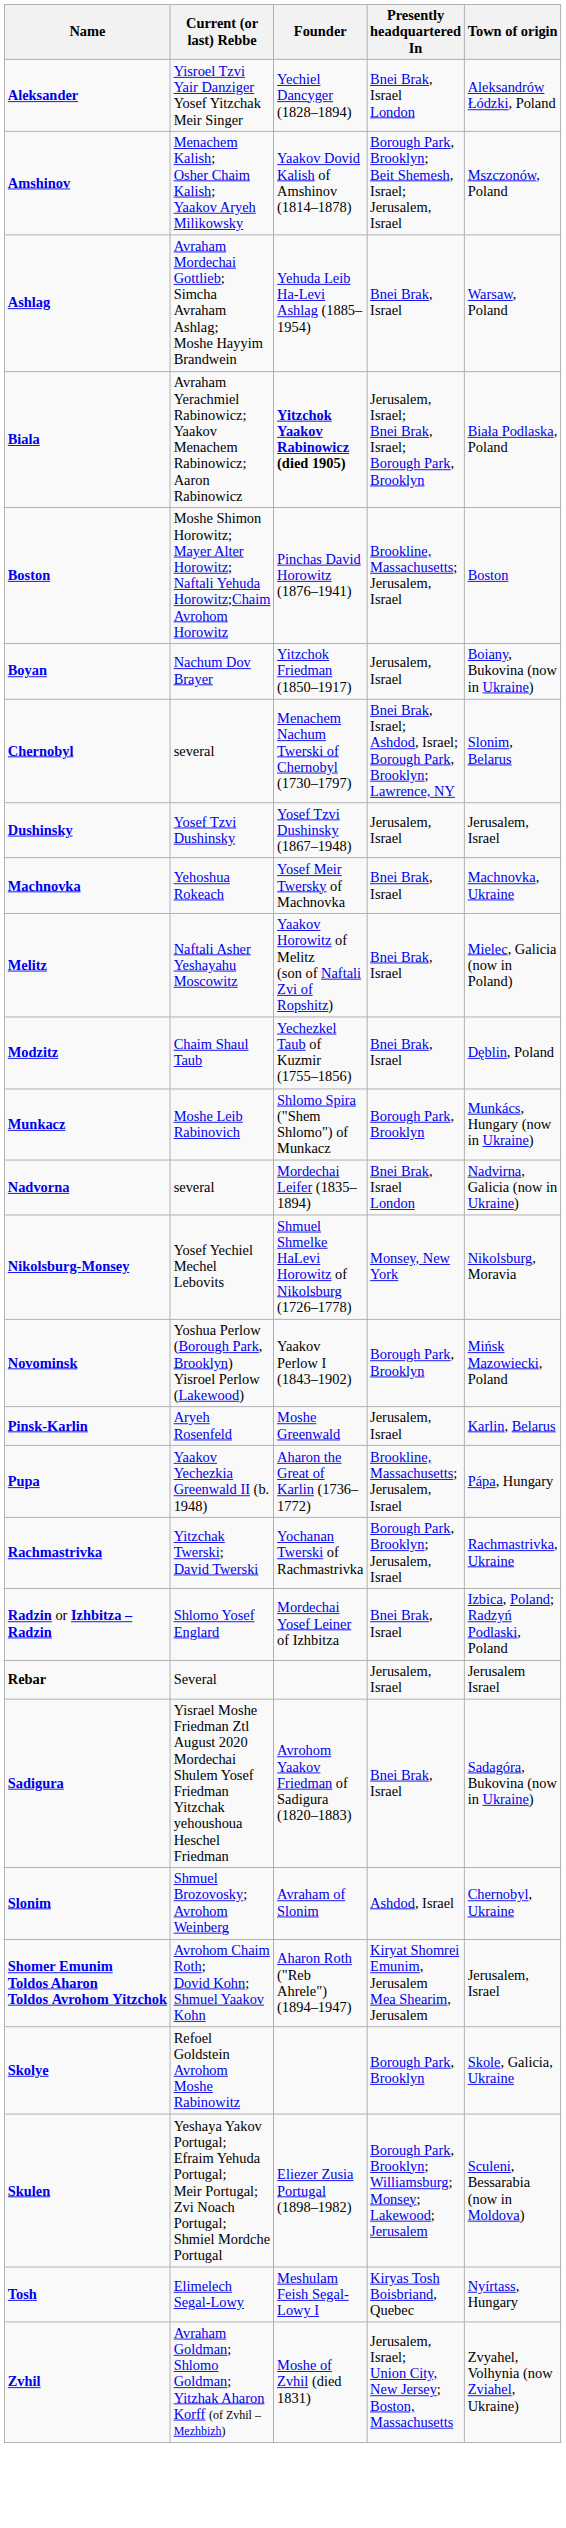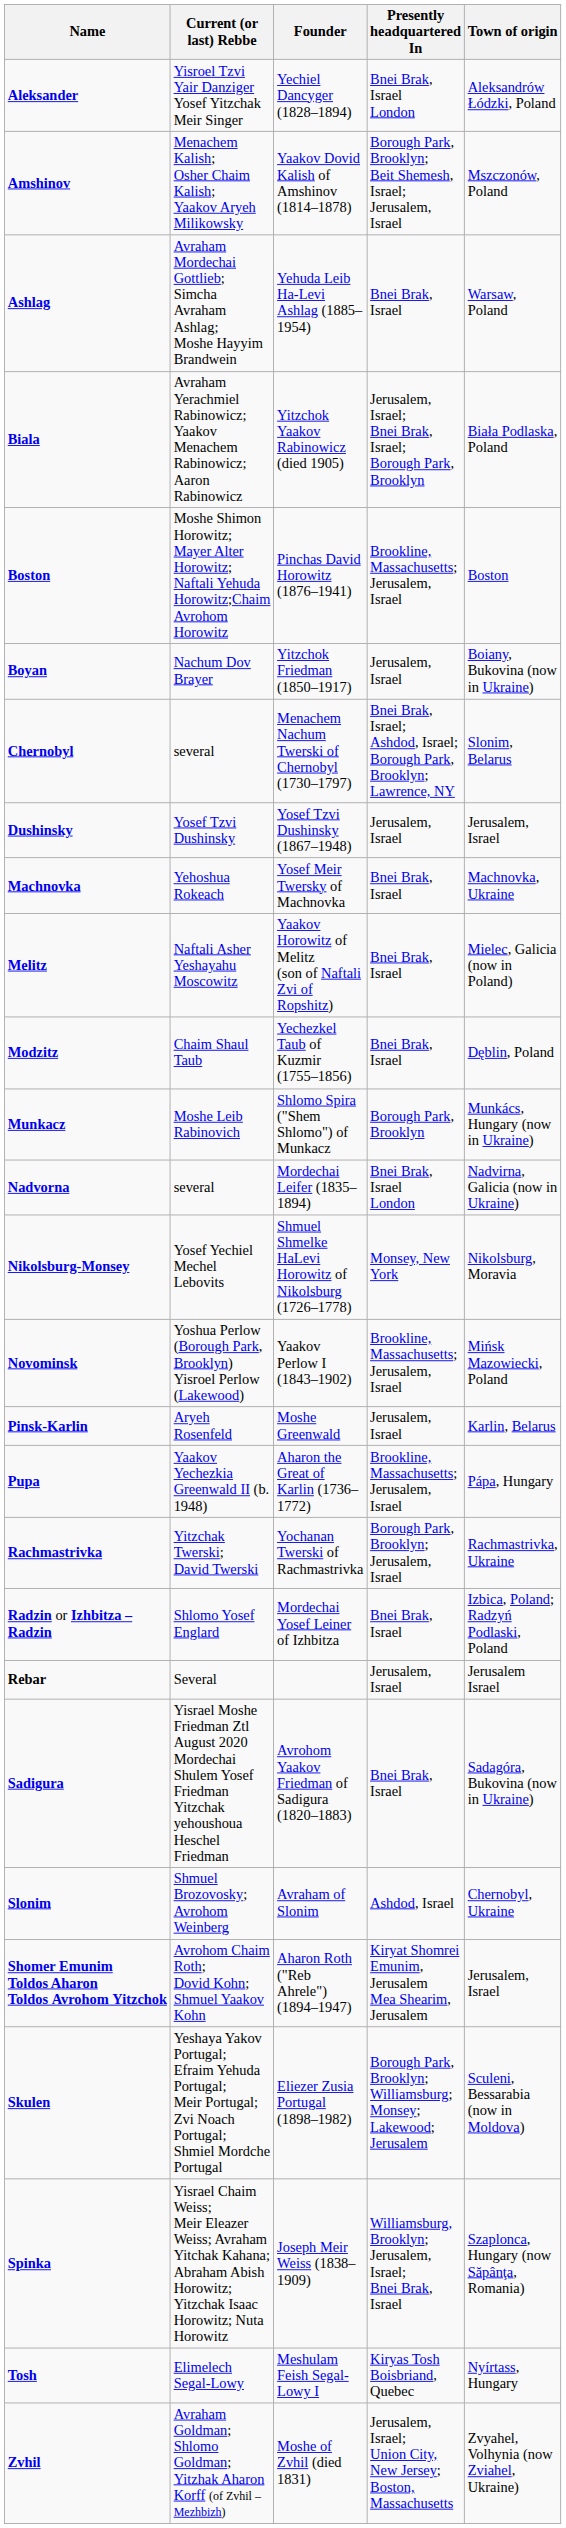 <table class="wikitable">
 <tr>
 <th>Name</th>
 <th>Current (or last) Rebbe</th>
 <th>Founder</th>
 <th>Presently headquartered In</th>
 <th>Town of origin</th>
 </tr>
 <tr>
 <td><strong><a href='#'>Aleksander</a></strong></td>
 <td><a href='#'>Yisroel Tzvi Yair Danziger</a><br>Yosef Yitzchak Meir Singer</td>
 <td><a href='#'>Yechiel Dancyger</a> (1828–1894)</td>
 <td><a href='#'>Bnei Brak</a>, Israel<br><a href='#'>London</a></td>
 <td><a href='#'>Aleksandrów Łódzki</a>, Poland</td>
 </tr>
 <tr>
 <td><strong><a href='#'>Amshinov</a></strong></td>
 <td><a href='#'>Menachem Kalish</a>;<br><a href='#'>Osher Chaim Kalish</a>;<br><a href='#'>Yaakov Aryeh Milikowsky</a></td>
 <td><a href='#'>Yaakov Dovid Kalish</a> of Amshinov (1814–1878)</td>
 <td><a href='#'>Borough Park</a>, <a href='#'>Brooklyn</a>; <br> <a href='#'>Beit Shemesh</a>, Israel; <br> Jerusalem, Israel</td>
 <td><a href='#'>Mszczonów</a>, Poland</td>
 </tr>
 <tr>
 <td><strong><a href='#'>Ashlag</a></strong></td>
 <td><a href='#'>Avraham Mordechai Gottlieb</a>;<br>Simcha Avraham Ashlag;<br>Moshe Hayyim Brandwein</td>
 <td><a href='#'>Yehuda Leib Ha-Levi Ashlag</a> (1885–1954)</td>
 <td><a href='#'>Bnei Brak</a>, Israel</td>
 <td><a href='#'>Warsaw</a>, Poland</td>
 </tr>
 <tr>
 <td><strong><a href='#'>Biala</a></strong></td>
 <td>Avraham Yerachmiel Rabinowicz;<br>Yaakov Menachem Rabinowicz;<br>Aaron Rabinowicz</td>
-<td><strong><a href='#'>Yitzchok Yaakov Rabinowicz</a> (died 1905)</strong></td>
+<td><a href='#'>Yitzchok Yaakov Rabinowicz</a> (died 1905)</td>
 <td>Jerusalem, Israel;<br><a href='#'>Bnei Brak</a>, Israel;<br><a href='#'>Borough Park</a>, <a href='#'>Brooklyn</a></td>
 <td><a href='#'>Biała Podlaska</a>, Poland</td>
 </tr>
 <tr>
 <td><strong><a href='#'>Boston</a></strong></td>
 <td>Moshe Shimon Horowitz;<br><a href='#'>Mayer Alter Horowitz</a>;<br><a href='#'>Naftali Yehuda Horowitz</a>;<a href='#'>Chaim Avrohom Horowitz</a></td>
 <td><a href='#'>Pinchas David Horowitz</a> (1876–1941)</td>
 <td><a href='#'>Brookline, Massachusetts</a>;<br>Jerusalem, Israel</td>
 <td><a href='#'>Boston</a></td>
 </tr>
 <tr>
 <td><strong><a href='#'>Boyan</a></strong></td>
 <td><a href='#'>Nachum Dov Brayer</a></td>
 <td><a href='#'>Yitzchok Friedman</a> (1850–1917)</td>
 <td>Jerusalem, Israel</td>
 <td><a href='#'>Boiany</a>, Bukovina (now in <a href='#'>Ukraine</a>)</td>
 </tr>
 <tr>
 <td><strong><a href='#'>Chernobyl</a></strong></td>
 <td>several</td>
 <td><a href='#'>Menachem Nachum Twerski of Chernobyl</a> (1730–1797)</td>
 <td><a href='#'>Bnei Brak</a>, Israel;<br><a href='#'>Ashdod</a>, Israel;<br><a href='#'>Borough Park</a>, <a href='#'>Brooklyn</a>; <a href='#'>Lawrence, NY</a></td>
 <td><a href='#'>Slonim</a>, <a href='#'>Belarus</a></td>
 </tr>
 <tr>
 <td><strong><a href='#'>Dushinsky</a></strong></td>
 <td><a href='#'>Yosef Tzvi Dushinsky</a></td>
 <td><a href='#'>Yosef Tzvi Dushinsky</a> (1867–1948)</td>
 <td>Jerusalem, Israel</td>
 <td>Jerusalem, Israel</td>
 </tr>
 <tr>
 <td><strong><a href='#'>Machnovka</a></strong></td>
 <td><a href='#'>Yehoshua Rokeach</a></td>
 <td><a href='#'>Yosef Meir Twersky</a> of Machnovka</td>
 <td><a href='#'>Bnei Brak</a>, Israel</td>
 <td><a href='#'>Machnovka</a>, <a href='#'>Ukraine</a></td>
 </tr>
 <tr>
 <td><strong><a href='#'>Melitz</a> </strong></td>
 <td><a href='#'>Naftali Asher Yeshayahu Moscowitz</a></td>
 <td><a href='#'>Yaakov Horowitz</a> of Melitz<br>(son of <a href='#'>Naftali Zvi of Ropshitz</a>)</td>
 <td><a href='#'>Bnei Brak</a>, Israel</td>
 <td><a href='#'>Mielec</a>, Galicia (now in Poland)</td>
 </tr>
 <tr>
 <td><strong><a href='#'>Modzitz</a></strong></td>
 <td><a href='#'>Chaim Shaul Taub</a></td>
 <td><a href='#'>Yechezkel Taub</a> of Kuzmir (1755–1856)</td>
 <td><a href='#'>Bnei Brak</a>, Israel</td>
 <td><a href='#'>Dęblin</a>, Poland</td>
 </tr>
 <tr>
 <td><strong><a href='#'>Munkacz</a> </strong></td>
 <td><a href='#'>Moshe Leib Rabinovich</a></td>
 <td><a href='#'>Shlomo Spira</a> ("Shem Shlomo") of Munkacz</td>
 <td><a href='#'>Borough Park</a>, <a href='#'>Brooklyn</a></td>
 <td><a href='#'>Munkács</a>, Hungary (now in <a href='#'>Ukraine</a>)</td>
 </tr>
 <tr>
 <td><strong><a href='#'>Nadvorna</a></strong></td>
 <td>several</td>
 <td><a href='#'>Mordechai Leifer</a> (1835–1894)</td>
 <td><a href='#'>Bnei Brak</a>, Israel<br><a href='#'>London</a></td>
 <td><a href='#'>Nadvirna</a>, Galicia (now in <a href='#'>Ukraine</a>)</td>
 </tr>
 <tr>
 <td><a href='#'><strong>Nikolsburg-Monsey</strong></a></td>
 <td>Yosef Yechiel Mechel Lebovits</td>
 <td><a href='#'>Shmuel Shmelke HaLevi Horowitz</a> of <a href='#'>Nikolsburg</a> (1726–1778)</td>
 <td><a href='#'>Monsey, New York</a></td>
 <td><a href='#'>Nikolsburg</a>, Moravia</td>
 </tr>
 <tr>
 <td><strong><a href='#'>Novominsk</a></strong></td>
 <td>Yoshua Perlow (<a href='#'>Borough Park</a>, <a href='#'>Brooklyn</a>) <br> Yisroel Perlow (<a href='#'>Lakewood</a>)</td>
 <td>Yaakov Perlow I (1843–1902)</td>
-<td><a href='#'>Borough Park</a>, <a href='#'>Brooklyn</a></td>
+<td><a href='#'>Brookline, Massachusetts</a>;<br>Jerusalem, Israel</td>
 <td><a href='#'>Mińsk Mazowiecki</a>, Poland</td>
 </tr>
 <tr>
 <td><strong><a href='#'>Pinsk-Karlin</a></strong></td>
 <td><a href='#'>Aryeh Rosenfeld</a></td>
 <td><a href='#'>Moshe Greenwald</a></td>
 <td>Jerusalem, Israel</td>
 <td><a href='#'>Karlin</a>, <a href='#'>Belarus</a></td>
 </tr>
 <tr>
 <td><strong><a href='#'>Pupa</a></strong></td>
 <td><a href='#'>Yaakov Yechezkia Greenwald II</a> (b. 1948)</td>
 <td><a href='#'>Aharon the Great of Karlin</a> (1736–1772)</td>
 <td><a href='#'>Brookline, Massachusetts</a>;<br>Jerusalem, Israel</td>
 <td><a href='#'>Pápa</a>, Hungary</td>
 </tr>
 <tr>
 <td><strong><a href='#'>Rachmastrivka</a></strong></td>
 <td><a href='#'>Yitzchak Twerski</a>;<br><a href='#'>David Twerski</a></td>
 <td><a href='#'>Yochanan Twerski</a> of Rachmastrivka</td>
 <td><a href='#'>Borough Park</a>, <a href='#'>Brooklyn</a>;<br>Jerusalem, Israel</td>
 <td><a href='#'>Rachmastrivka</a>, <a href='#'>Ukraine</a></td>
 </tr>
 <tr>
 <td><strong><a href='#'>Radzin</a></strong> or <strong><a href='#'>Izhbitza – Radzin</a></strong></td>
 <td><a href='#'>Shlomo Yosef Englard</a></td>
 <td><a href='#'>Mordechai Yosef Leiner</a> of Izhbitza</td>
 <td><a href='#'>Bnei Brak</a>, Israel</td>
 <td><a href='#'>Izbica</a>, <a href='#'>Poland</a>; <br><a href='#'>Radzyń Podlaski</a>, Poland</td>
 </tr>
 <tr>
 <td><strong>Rebar</strong></td>
 <td>Several</td>
 <td></td>
 <td>Jerusalem, Israel</td>
 <td>Jerusalem Israel</td>
 </tr>
 <tr>
 <td><strong><a href='#'>Sadigura</a> </strong></td>
 <td>Yisrael Moshe Friedman Ztl August 2020<br>Mordechai Shulem Yosef Friedman Yitzchak yehoushoua Heschel Friedman</td>
 <td><a href='#'>Avrohom Yaakov Friedman</a> of Sadigura (1820–1883)</td>
 <td><a href='#'>Bnei Brak</a>, Israel</td>
 <td><a href='#'>Sadagóra</a>, Bukovina (now in <a href='#'>Ukraine</a>)</td>
 </tr>
 <tr>
 <td><strong><a href='#'>Slonim</a> </strong></td>
 <td><a href='#'>Shmuel Brozovosky</a>;<br><a href='#'>Avrohom Weinberg</a></td>
 <td><a href='#'>Avraham of Slonim</a></td>
 <td><a href='#'>Ashdod</a>, Israel</td>
 <td><a href='#'>Chernobyl</a>, <a href='#'>Ukraine</a></td>
 </tr>
 <tr>
 <td><strong><a href='#'>Shomer Emunim</a><br><a href='#'>Toldos Aharon</a><br><a href='#'>Toldos Avrohom Yitzchok</a></strong></td>
 <td><a href='#'>Avrohom Chaim Roth</a>; <br><a href='#'>Dovid Kohn</a>; <br><a href='#'>Shmuel Yaakov Kohn</a></td>
 <td><a href='#'>Aharon Roth</a> ("Reb Ahrele") (1894–1947)</td>
 <td><a href='#'>Kiryat Shomrei Emunim</a>, Jerusalem<br><a href='#'>Mea Shearim</a>, Jerusalem</td>
 <td>Jerusalem, Israel</td>
 </tr>
 <tr>
-<td><strong><a href='#'>Skolye</a> </strong></td>
-<td>Refoel Goldstein<br><a href='#'>Avrohom Moshe Rabinowitz</a></td>
-<td></td>
-<td><a href='#'>Borough Park</a>, <a href='#'>Brooklyn</a></td>
-<td><a href='#'>Skole</a>, Galicia, <a href='#'>Ukraine</a></td>
-</tr>
-<tr>
 <td><strong><a href='#'>Skulen</a> </strong></td>
 <td>Yeshaya Yakov Portugal;<br>Efraim Yehuda Portugal;<br>Meir Portugal;<br>Zvi Noach Portugal;<br>Shmiel Mordche Portugal</td>
 <td><a href='#'>Eliezer Zusia Portugal</a> (1898–1982)</td>
 <td><a href='#'>Borough Park</a>, <a href='#'>Brooklyn</a>; <a href='#'>Williamsburg</a>; <a href='#'>Monsey</a>; <a href='#'>Lakewood</a>; <a href='#'>Jerusalem</a></td>
 <td><a href='#'>Sculeni</a>, Bessarabia (now in <a href='#'>Moldova</a>)</td>
+</tr>
+<tr>
+<td><strong><a href='#'>Spinka</a></strong></td>
+<td>Yisrael Chaim Weiss;<br>Meir Eleazer Weiss; Avraham Yitchak Kahana; Abraham Abish Horowitz;  Yitzchak Isaac Horowitz; Nuta Horowitz</td>
+<td><a href='#'>Joseph Meir Weiss</a> (1838–1909)</td>
+<td><a href='#'>Williamsburg, Brooklyn</a>;<br>Jerusalem, Israel;<br><a href='#'>Bnei Brak</a>, Israel</td>
+<td><a href='#'>Szaplonca</a>, Hungary (now <a href='#'>Săpânţa</a>, Romania)</td>
 </tr>
 <tr>
 <td><strong><a href='#'>Tosh</a></strong></td>
 <td><a href='#'>Elimelech Segal-Lowy</a></td>
 <td><a href='#'>Meshulam Feish Segal-Lowy I</a></td>
 <td><a href='#'>Kiryas Tosh</a><br><a href='#'>Boisbriand</a>, Quebec</td>
 <td><a href='#'>Nyírtass</a>, Hungary</td>
 </tr>
 <tr>
 <td><strong><a href='#'>Zvhil</a></strong></td>
 <td><a href='#'>Avraham Goldman</a>;<br><a href='#'>Shlomo Goldman</a>;<br><a href='#'>Yitzhak Aharon Korff</a> <small>(of Zvhil – <a href='#'>Mezhbizh</a>)</small></td>
 <td><a href='#'>Moshe of Zvhil</a> (died 1831)</td>
 <td>Jerusalem, Israel;<br><a href='#'>Union City, New Jersey</a>;<br><a href='#'>Boston, Massachusetts</a></td>
 <td>Zvyahel, Volhynia (now <a href='#'>Zviahel</a>, Ukraine)</td>
 </tr>
 </table>
